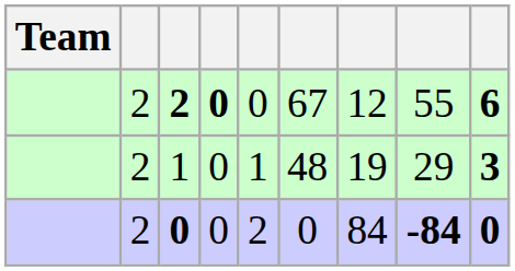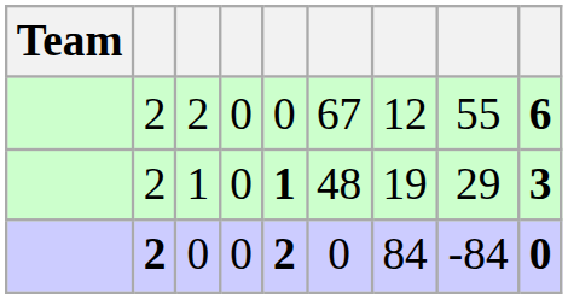 <table class="wikitable" style="text-align: center;">
 <tr>
 <th>Team</th>
 <th></th>
 <th></th>
 <th></th>
 <th></th>
 <th></th>
 <th></th>
 <th></th>
 <th><strong></strong></th>
 </tr>
 <tr bgcolor="ccffcc">
 <td align="left"></td>
 <td>2</td>
-<td><strong>2</strong></td>
-<td><strong>0</strong></td>
+<td>2</td>
+<td>0</td>
 <td>0</td>
 <td>67</td>
 <td>12</td>
 <td>55</td>
 <td><strong>6</strong></td>
 </tr>
 <tr bgcolor="ccffcc">
 <td align="left"></td>
 <td>2</td>
 <td>1</td>
 <td>0</td>
-<td>1</td>
+<td><strong>1</strong></td>
 <td>48</td>
 <td>19</td>
 <td>29</td>
 <td><strong>3</strong></td>
 </tr>
 <tr bgcolor="ccccff">
 <td align="left"></td>
-<td>2</td>
-<td><strong>0</strong></td>
+<td><strong>2</strong></td>
 <td>0</td>
-<td>2</td>
+<td>0</td>
+<td><strong>2</strong></td>
 <td>0</td>
 <td>84</td>
-<td><strong>-84</strong></td>
+<td>-84</td>
 <td><strong>0</strong></td>
 </tr>
 </table>
